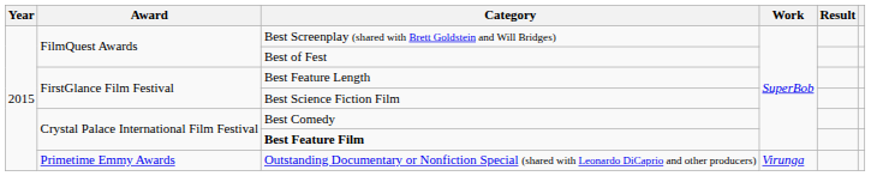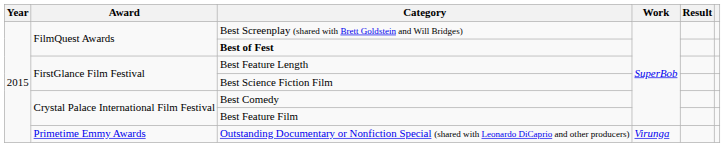 <table class="wikitable sortable">
 <tr>
 <th>Year</th>
 <th>Award</th>
 <th>Category</th>
 <th>Work</th>
 <th>Result</th>
 <th class="unsortable"></th>
 </tr>
 <tr>
 <td rowspan="7">2015</td>
 <td rowspan="2">FilmQuest Awards</td>
 <td>Best Screenplay <small>(shared with <a href='#'>Brett Goldstein</a> and Will Bridges)</small></td>
 <td rowspan="6"><em><a href='#'>SuperBob</a></em></td>
 <td></td>
 <td></td>
 </tr>
 <tr>
-<td>Best of Fest</td>
+<td><strong>Best of Fest</strong></td>
 <td></td>
 <td></td>
 </tr>
 <tr>
 <td rowspan="2">FirstGlance Film Festival</td>
 <td>Best Feature Length</td>
 <td></td>
 <td></td>
 </tr>
 <tr>
 <td>Best Science Fiction Film</td>
 <td></td>
 <td></td>
 </tr>
 <tr>
 <td rowspan="2">Crystal Palace International Film Festival</td>
 <td>Best Comedy</td>
 <td></td>
 <td></td>
 </tr>
 <tr>
-<td><strong>Best Feature Film</strong></td>
+<td>Best Feature Film</td>
 <td></td>
 <td></td>
 </tr>
 <tr>
 <td><a href='#'>Primetime Emmy Awards</a></td>
 <td><a href='#'>Outstanding Documentary or Nonfiction Special</a> <small>(shared with <a href='#'>Leonardo DiCaprio</a> and other producers)</small></td>
 <td><em><a href='#'>Virunga</a></em></td>
 <td></td>
 <td></td>
 </tr>
 </table>
